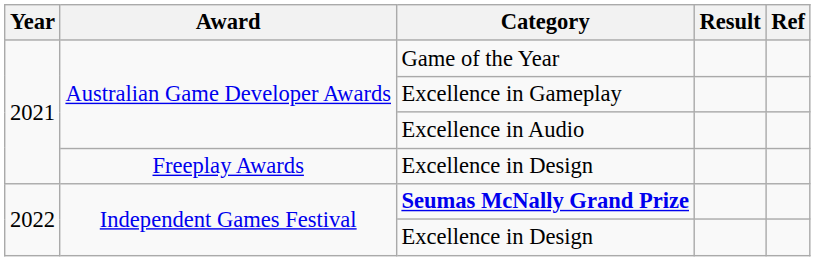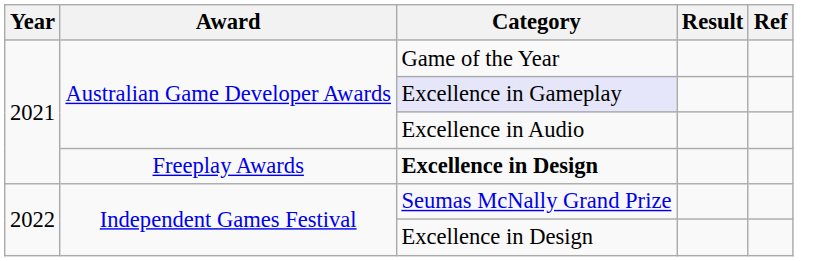 <table class="wikitable sortable">
 <tr>
 <th>Year</th>
 <th>Award</th>
 <th>Category</th>
 <th>Result</th>
 <th>Ref</th>
 </tr>
 <tr>
 <td style="text-align:center;" rowspan="4">2021</td>
 <td style="text-align:center;" rowspan="3"><a href='#'>Australian Game Developer Awards</a></td>
 <td>Game of the Year</td>
 <td></td>
 <td style="text-align:center;"></td>
 </tr>
 <tr>
-<td>Excellence in Gameplay</td>
+<td style="background: lavender;">Excellence in Gameplay</td>
 <td></td>
 <td style="text-align:center;"></td>
 </tr>
 <tr>
 <td>Excellence in Audio</td>
 <td></td>
 <td style="text-align:center;"></td>
 </tr>
 <tr>
 <td style="text-align:center;"><a href='#'>Freeplay Awards</a></td>
-<td>Excellence in Design</td>
+<td><strong>Excellence in Design</strong></td>
 <td></td>
 <td style="text-align:center;"></td>
 </tr>
 <tr>
 <td style="text-align:center;" rowspan="2">2022</td>
 <td style="text-align:center;" rowspan="2"><a href='#'>Independent Games Festival</a></td>
-<td><strong><a href='#'>Seumas McNally Grand Prize</a></strong></td>
+<td><a href='#'>Seumas McNally Grand Prize</a></td>
 <td></td>
 <td style="text-align:center;"></td>
 </tr>
 <tr>
 <td>Excellence in Design</td>
 <td></td>
 <td style="text-align:center;"></td>
 </tr>
 </table>
